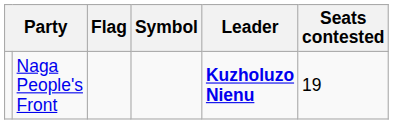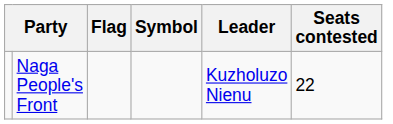 <table class="wikitable" width="55%">
 <tr>
 <th colspan="2">Party</th>
 <th>Flag</th>
 <th>Symbol</th>
 <th>Leader</th>
 <th>Seats contested</th>
 </tr>
 <tr>
 <td style="text-align:center; background:"></td>
 <td><a href='#'>Naga People's Front</a></td>
 <td></td>
 <td></td>
-<td><strong><a href='#'>Kuzholuzo Nienu</a></strong></td>
-<td>19</td>
+<td><a href='#'>Kuzholuzo Nienu</a></td>
+<td>22</td>
 </tr>
 </table>
